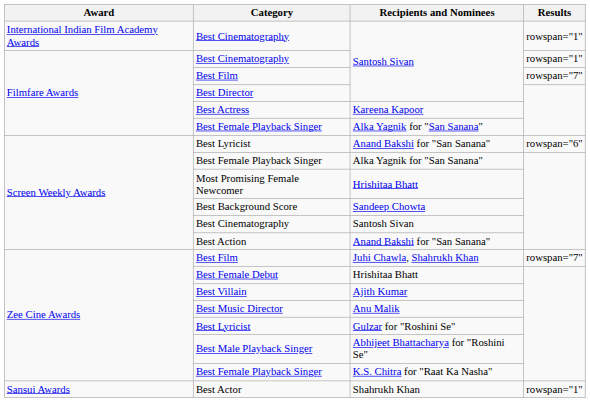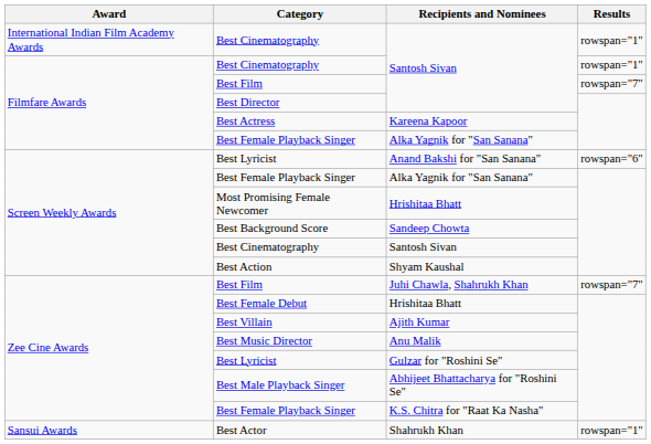 <table class="wikitable plainrowheaders sortable">
 <tr>
 <th>Award</th>
 <th>Category</th>
 <th>Recipients and Nominees</th>
 <th>Results</th>
 </tr>
 <tr>
 <td><a href='#'>International Indian Film Academy Awards</a></td>
 <td><a href='#'>Best Cinematography</a></td>
 <td rowspan="4"><a href='#'>Santosh Sivan</a></td>
 <td>rowspan="1" </td>
 </tr>
 <tr>
 <td rowspan="5"><a href='#'>Filmfare Awards</a></td>
 <td><a href='#'>Best Cinematography</a></td>
 <td>rowspan="1" </td>
 </tr>
 <tr>
 <td><a href='#'>Best Film</a></td>
 <td>rowspan="7" </td>
 </tr>
 <tr>
 <td><a href='#'>Best Director</a></td>
 </tr>
 <tr>
 <td><a href='#'>Best Actress</a></td>
 <td><a href='#'>Kareena Kapoor</a></td>
 </tr>
 <tr>
 <td><a href='#'>Best Female Playback Singer</a></td>
 <td><a href='#'>Alka Yagnik</a> for "<a href='#'>San Sanana</a>"</td>
 </tr>
 <tr>
 <td rowspan="6"><a href='#'>Screen Weekly Awards</a></td>
 <td>Best Lyricist</td>
 <td><a href='#'>Anand Bakshi</a> for "San Sanana"</td>
 <td>rowspan="6" </td>
 </tr>
 <tr>
 <td>Best Female Playback Singer</td>
 <td>Alka Yagnik for "San Sanana"</td>
 </tr>
 <tr>
 <td>Most Promising Female Newcomer</td>
 <td><a href='#'>Hrishitaa Bhatt</a></td>
 </tr>
 <tr>
 <td>Best Background Score</td>
 <td><a href='#'>Sandeep Chowta</a></td>
 </tr>
 <tr>
 <td>Best Cinematography</td>
 <td>Santosh Sivan</td>
 </tr>
 <tr>
 <td>Best Action</td>
-<td><a href='#'>Anand Bakshi</a> for "San Sanana"</td>
+<td>Shyam Kaushal</td>
 </tr>
 <tr>
 <td rowspan="7"><a href='#'>Zee Cine Awards</a></td>
 <td><a href='#'>Best Film</a></td>
 <td><a href='#'>Juhi Chawla</a>, <a href='#'>Shahrukh Khan</a></td>
 <td>rowspan="7" </td>
 </tr>
 <tr>
 <td><a href='#'>Best Female Debut</a></td>
 <td>Hrishitaa Bhatt</td>
 </tr>
 <tr>
 <td><a href='#'>Best Villain</a></td>
 <td><a href='#'>Ajith Kumar</a></td>
 </tr>
 <tr>
 <td><a href='#'>Best Music Director</a></td>
 <td><a href='#'>Anu Malik</a></td>
 </tr>
 <tr>
 <td><a href='#'>Best Lyricist</a></td>
 <td><a href='#'>Gulzar</a> for "Roshini Se"</td>
 </tr>
 <tr>
 <td><a href='#'>Best Male Playback Singer</a></td>
 <td><a href='#'>Abhijeet Bhattacharya</a> for "Roshini Se"</td>
 </tr>
 <tr>
 <td><a href='#'>Best Female Playback Singer</a></td>
 <td><a href='#'>K.S. Chitra</a> for "Raat Ka Nasha"</td>
 </tr>
 <tr>
 <td><a href='#'>Sansui Awards</a></td>
 <td>Best Actor</td>
 <td>Shahrukh Khan</td>
 <td>rowspan="1" </td>
 </tr>
 </table>
